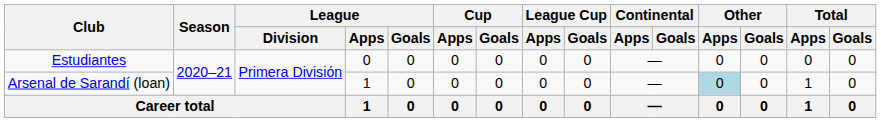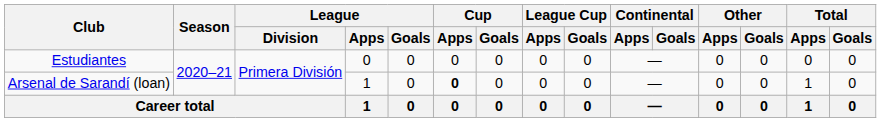 <table class="wikitable" style="text-align:center">
 <tr>
 <th rowspan="2">Club</th>
 <th rowspan="2">Season</th>
 <th colspan="3">League</th>
 <th colspan="2">Cup</th>
 <th colspan="2">League Cup</th>
 <th colspan="2">Continental</th>
 <th colspan="2">Other</th>
 <th colspan="2">Total</th>
 </tr>
 <tr>
 <th>Division</th>
 <th>Apps</th>
 <th>Goals</th>
 <th>Apps</th>
 <th>Goals</th>
 <th>Apps</th>
 <th>Goals</th>
 <th>Apps</th>
 <th>Goals</th>
 <th>Apps</th>
 <th>Goals</th>
 <th>Apps</th>
 <th>Goals</th>
 </tr>
 <tr>
 <td rowspan="1"><a href='#'>Estudiantes</a></td>
 <td rowspan="2"><a href='#'>2020–21</a></td>
 <td rowspan="2"><a href='#'>Primera División</a></td>
 <td>0</td>
 <td>0</td>
 <td>0</td>
 <td>0</td>
 <td>0</td>
 <td>0</td>
 <td colspan="2">—</td>
 <td>0</td>
 <td>0</td>
 <td>0</td>
 <td>0</td>
 </tr>
 <tr>
 <td rowspan="1"><a href='#'>Arsenal de Sarandí</a> (loan)</td>
 <td>1</td>
 <td>0</td>
-<td>0</td>
+<td><strong>0</strong></td>
 <td>0</td>
 <td>0</td>
 <td>0</td>
 <td colspan="2">—</td>
-<td style="background: lightblue;">0</td>
+<td>0</td>
 <td>0</td>
 <td>1</td>
 <td>0</td>
 </tr>
 <tr>
 <th colspan="3">Career total</th>
 <th>1</th>
 <th>0</th>
 <th>0</th>
 <th>0</th>
 <th>0</th>
 <th>0</th>
 <th colspan="2">—</th>
 <th>0</th>
 <th>0</th>
 <th>1</th>
 <th>0</th>
 </tr>
 </table>
